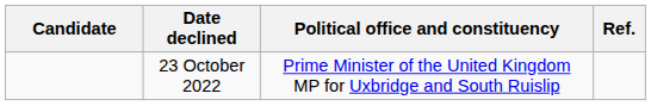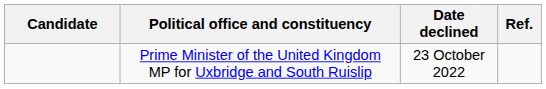 <table class="wikitable" style="text-align:center">
 <tr>
 <th scope="col" style="width: 120px">Candidate</th>
+<th scope="col" style="width: 300px">Political office and constituency</th>
 <th scope="col" style="width: 100px">Date declined</th>
-<th scope="col" style="width: 300px">Political office and constituency</th>
 <th scope="col" style="width: 40px" ! class="unsortable">Ref.</th>
 </tr>
 <tr>
 <td></td>
+<td><a href='#'>Prime Minister of the United Kingdom</a> <br>MP for <a href='#'>Uxbridge and South Ruislip</a> </td>
 <td>23 October 2022</td>
-<td><a href='#'>Prime Minister of the United Kingdom</a> <br>MP for <a href='#'>Uxbridge and South Ruislip</a> </td>
 <td></td>
 </tr>
 </table>
